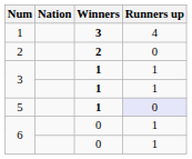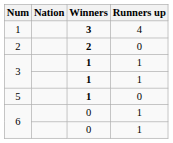 <table class="wikitable align=center">
 <tr>
 <th>Num</th>
 <th>Nation</th>
 <th>Winners</th>
 <th>Runners up</th>
 </tr>
 <tr align=center>
 <td>1</td>
 <td align=left></td>
 <td><strong>3</strong></td>
 <td>4</td>
 </tr>
 <tr align=center>
 <td>2</td>
 <td align=left></td>
 <td><strong>2</strong></td>
 <td>0</td>
 </tr>
 <tr align=center>
 <td rowspan=2>3</td>
 <td align=left></td>
 <td><strong>1</strong></td>
 <td>1</td>
 </tr>
 <tr align=center>
 <td align=left></td>
 <td><strong>1</strong></td>
 <td>1</td>
 </tr>
 <tr align=center>
 <td>5</td>
 <td align=left></td>
 <td><strong>1</strong></td>
-<td style="background: lavender;">0</td>
+<td>0</td>
 </tr>
 <tr align=center>
 <td rowspan=2>6</td>
 <td align=left></td>
 <td>0</td>
 <td>1</td>
 </tr>
 <tr align=center>
 <td align=left></td>
 <td>0</td>
 <td>1</td>
 </tr>
 </table>
